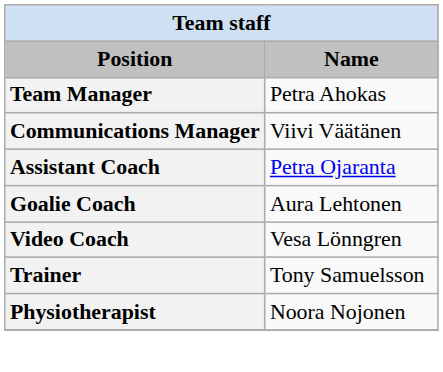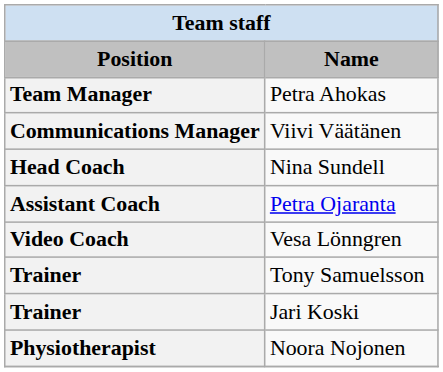 <table class="wikitable" style="text-align:left; font-size:90%;">
 <tr>
 <th style=background:#CEE0F2 colspan=2>Team staff</th>
 </tr>
 <tr>
 <th width=60% style="background:silver;">Position</th>
 <th style="background:silver;">Name</th>
 </tr>
 <tr>
 <th style="text-align:left;">Team Manager</th>
 <td>Petra Ahokas</td>
 </tr>
 <tr>
 <th style="text-align:left;">Communications Manager</th>
 <td>Viivi Väätänen</td>
 </tr>
 <tr>
+<th style="text-align:left;">Head Coach</th>
+<td>Nina Sundell</td>
+</tr>
+<tr>
 <th style="text-align:left;">Assistant Coach</th>
 <td><a href='#'>Petra Ojaranta</a></td>
-</tr>
-<tr>
-<th style="text-align:left;">Goalie Coach</th>
-<td>Aura Lehtonen</td>
 </tr>
 <tr>
 <th style="text-align:left;">Video Coach</th>
 <td>Vesa Lönngren</td>
 </tr>
 <tr>
 <th style="text-align:left;">Trainer</th>
 <td>Tony Samuelsson</td>
 </tr>
 <tr>
+<th style="text-align:left;">Trainer</th>
+<td>Jari Koski</td>
+</tr>
+<tr>
 <th style="text-align:left;">Physiotherapist</th>
 <td>Noora Nojonen</td>
 </tr>
 <tr>
 </tr>
 </table>
